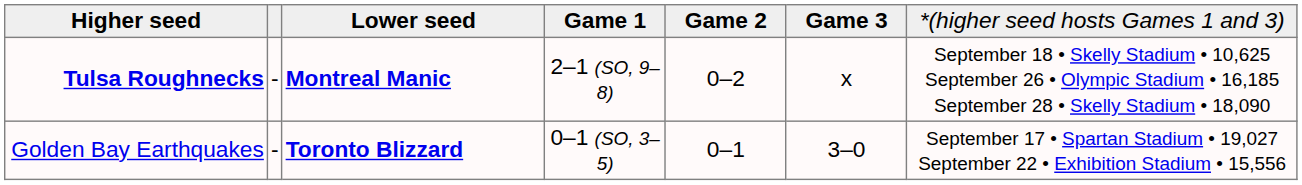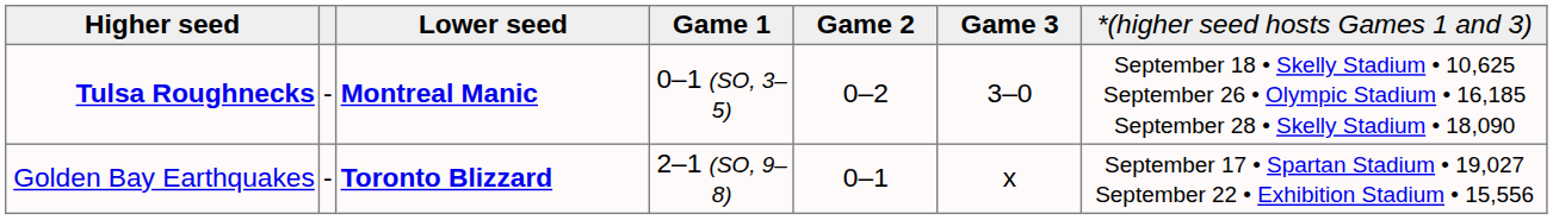 <table style=border-collapse:collapse border=1 cellspacing=0 cellpadding=2>
 <tr align=center bgcolor=#efefef>
 <th width=180>Higher seed</th>
 <th width=5></th>
 <th width=180>Lower seed</th>
 <th width=80>Game 1</th>
 <th width=80>Game 2</th>
 <th width=80>Game 3</th>
 <td width=270><em>*(higher seed hosts Games 1 and 3)</em></td>
 </tr>
 <tr align=center bgcolor=fffafa>
 <td align=right><strong><a href='#'>Tulsa Roughnecks</a></strong></td>
 <td>-</td>
 <td align=left><strong><a href='#'>Montreal Manic</a></strong></td>
-<td>2–1 <small><em>(SO, 9–8)</em></small></td>
+<td>0–1 <small><em>(SO, 3–5)</em></small></td>
 <td>0–2</td>
-<td>x</td>
+<td>3–0</td>
 <td><small>September 18 • <a href='#'>Skelly Stadium</a> • 10,625 <br>September 26 • <a href='#'>Olympic Stadium</a> • 16,185<br>September 28 • <a href='#'>Skelly Stadium</a>  • 18,090</small></td>
 </tr>
 <tr align=center bgcolor=fffafa>
 <td align=right><a href='#'>Golden Bay Earthquakes</a></td>
 <td>-</td>
 <td align=left><strong><a href='#'>Toronto Blizzard</a></strong></td>
-<td>0–1 <small><em>(SO, 3–5)</em></small></td>
+<td>2–1 <small><em>(SO, 9–8)</em></small></td>
 <td>0–1</td>
-<td>3–0</td>
+<td>x</td>
 <td><small>September 17 • <a href='#'>Spartan Stadium</a> • 19,027<br>September 22 • <a href='#'>Exhibition Stadium</a> • 15,556</small></td>
 </tr>
 </table>
